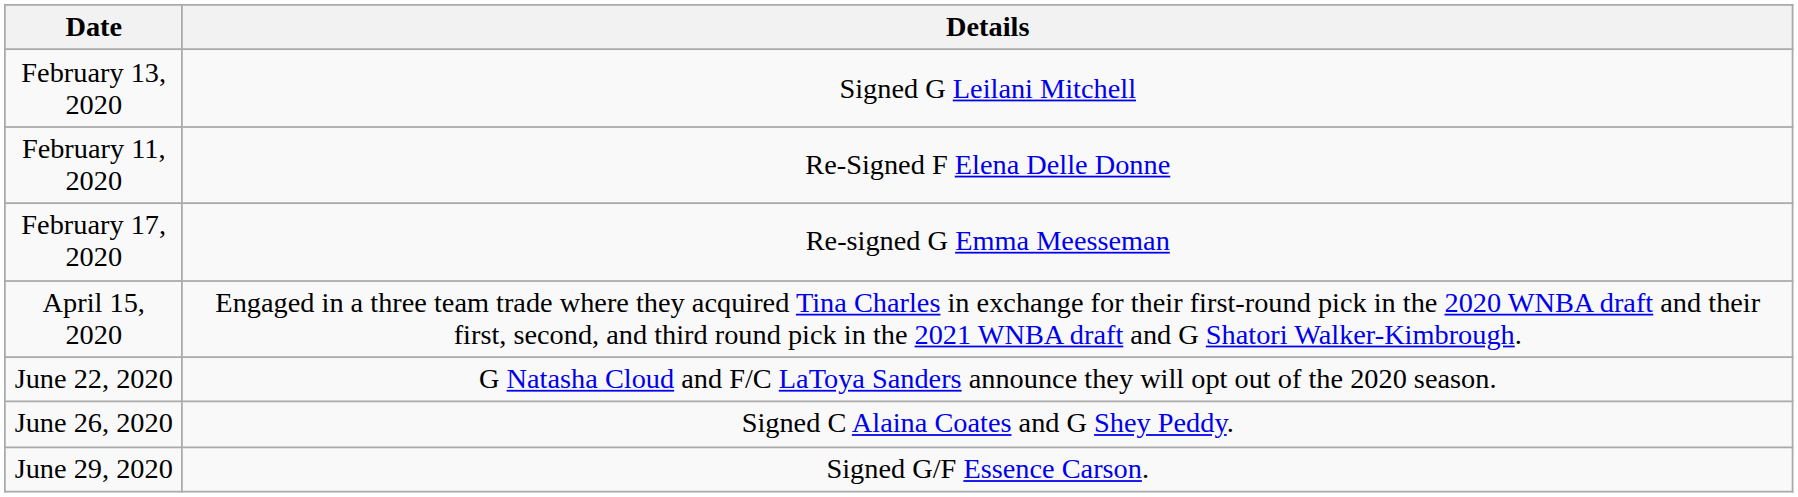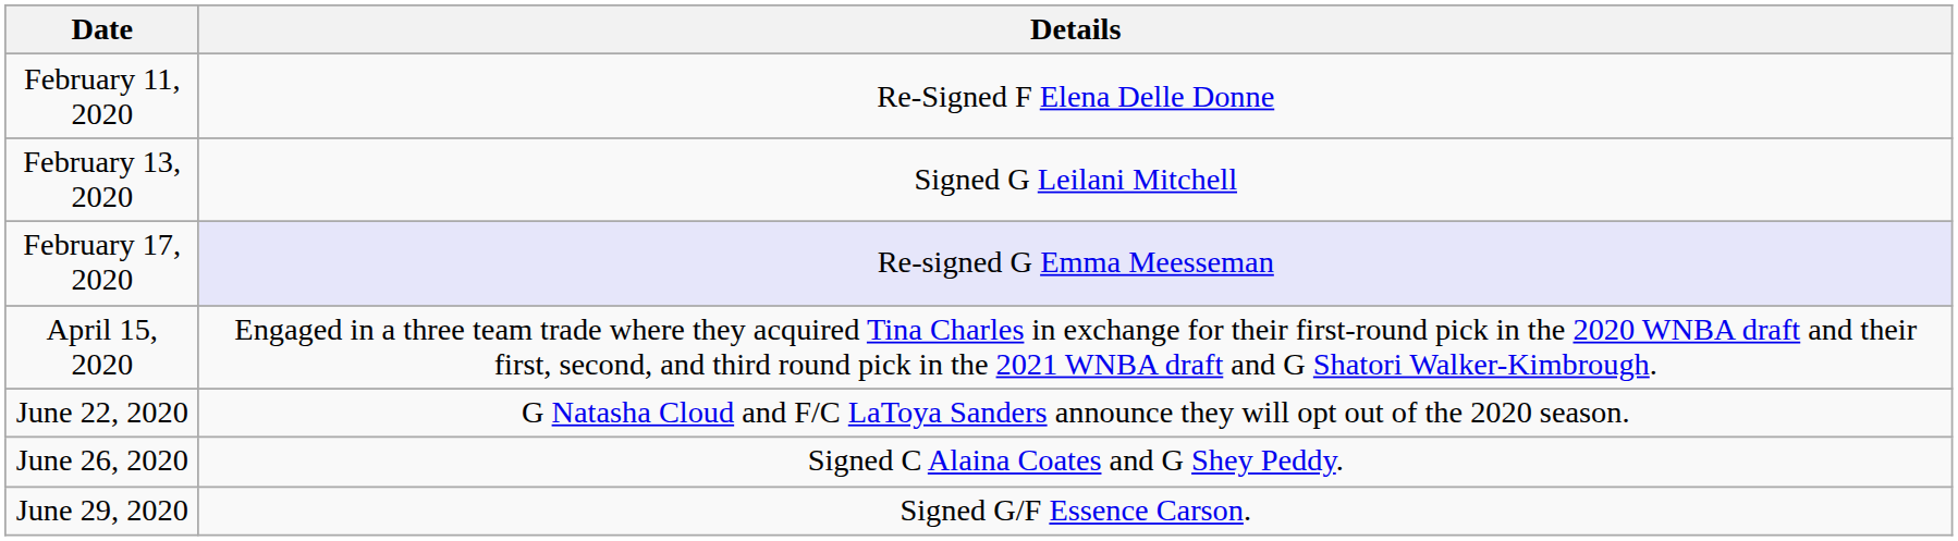 <table class="wikitable" style="width:80%; text-align: center;">
 <tr>
 <th>Date</th>
 <th>Details</th>
 </tr>
 <tr>
+<td>February 11, 2020</td>
+<td>Re-Signed F <a href='#'>Elena Delle Donne</a></td>
+</tr>
+<tr>
 <td>February 13, 2020</td>
 <td>Signed G <a href='#'>Leilani Mitchell</a></td>
 </tr>
 <tr>
-<td>February 11, 2020</td>
-<td>Re-Signed F <a href='#'>Elena Delle Donne</a></td>
-</tr>
-<tr>
 <td>February 17, 2020</td>
-<td>Re-signed G <a href='#'>Emma Meesseman</a></td>
+<td style="background: lavender;">Re-signed G <a href='#'>Emma Meesseman</a></td>
 </tr>
 <tr>
 <td>April 15, 2020</td>
 <td>Engaged in a three team trade where they acquired <a href='#'>Tina Charles</a> in exchange for their first-round pick in the <a href='#'>2020 WNBA draft</a> and their first, second, and third round pick in the <a href='#'>2021 WNBA draft</a> and G <a href='#'>Shatori Walker-Kimbrough</a>.</td>
 </tr>
 <tr>
 <td>June 22, 2020</td>
 <td>G <a href='#'>Natasha Cloud</a> and F/C <a href='#'>LaToya Sanders</a> announce they will opt out of the 2020 season.</td>
 </tr>
 <tr>
 <td>June 26, 2020</td>
 <td>Signed C <a href='#'>Alaina Coates</a> and G <a href='#'>Shey Peddy</a>.</td>
 </tr>
 <tr>
 <td>June 29, 2020</td>
 <td>Signed G/F <a href='#'>Essence Carson</a>.</td>
 </tr>
 </table>
